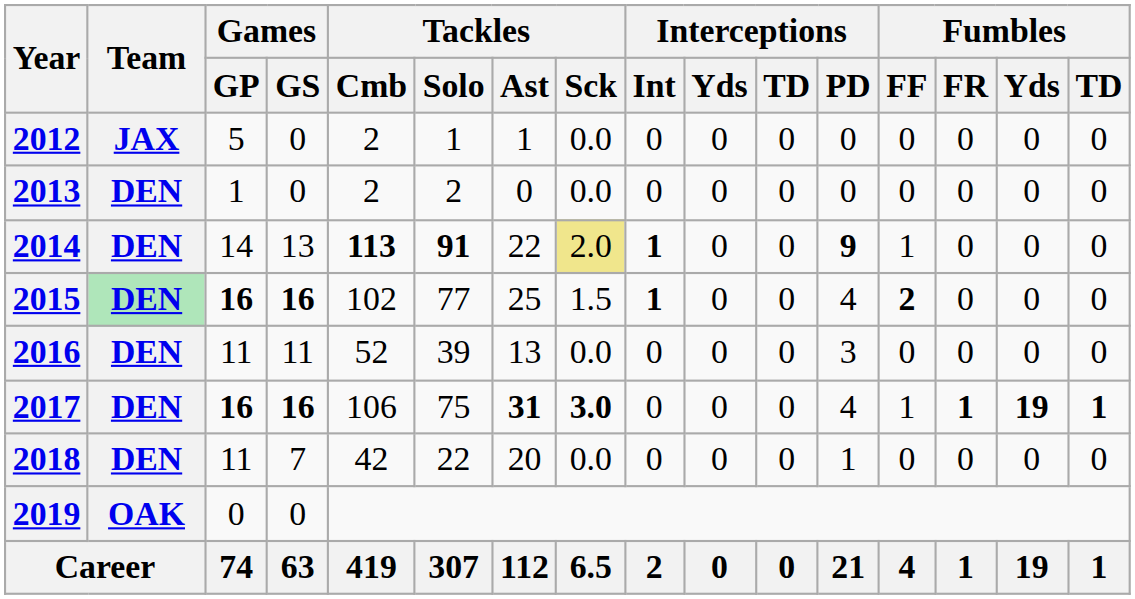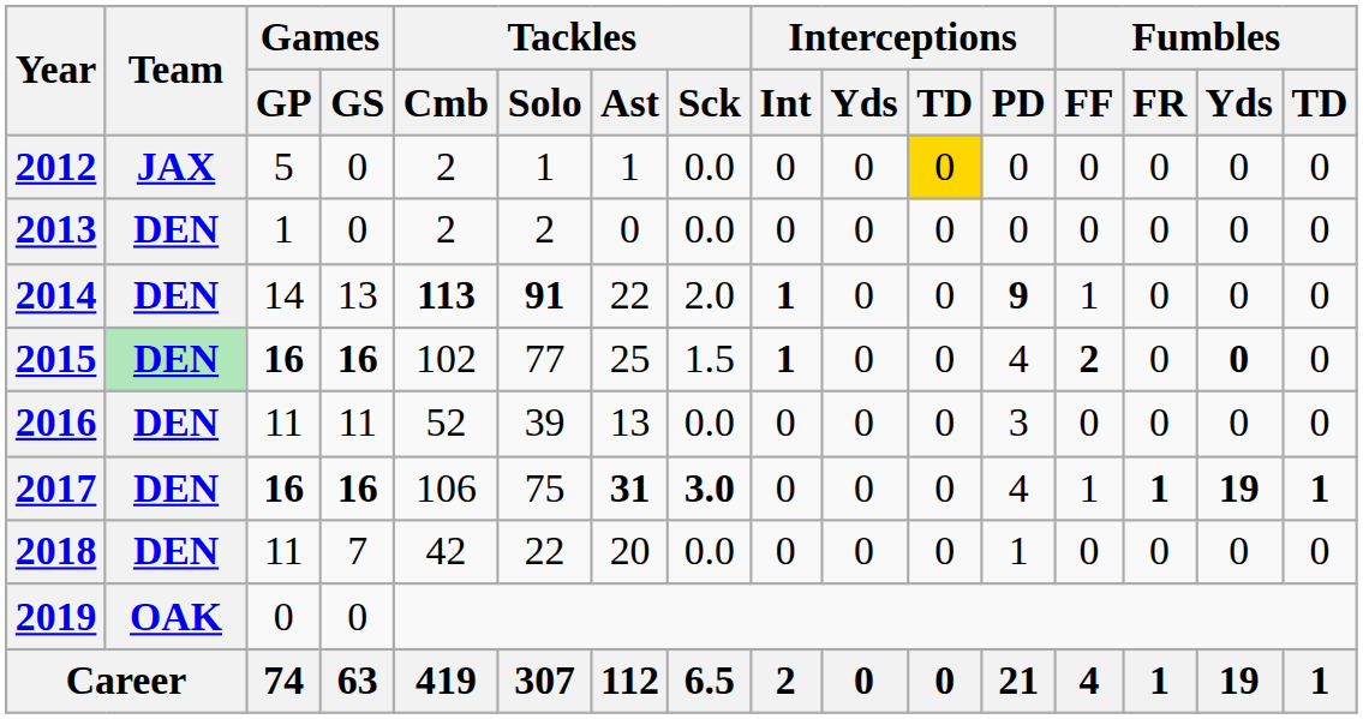 <table class= "wikitable" style="text-align:center;">
 <tr>
 <th rowspan="2">Year</th>
 <th rowspan="2">Team</th>
 <th colspan="2">Games</th>
 <th colspan="4">Tackles</th>
 <th colspan="4">Interceptions</th>
 <th colspan="4">Fumbles</th>
 </tr>
 <tr>
 <th>GP</th>
 <th>GS</th>
 <th>Cmb</th>
 <th>Solo</th>
 <th>Ast</th>
 <th>Sck</th>
 <th>Int</th>
 <th>Yds</th>
 <th>TD</th>
 <th>PD</th>
 <th>FF</th>
 <th>FR</th>
 <th>Yds</th>
 <th>TD</th>
 </tr>
 <tr>
 <th><a href='#'>2012</a></th>
 <th><a href='#'>JAX</a></th>
 <td>5</td>
 <td>0</td>
 <td>2</td>
 <td>1</td>
 <td>1</td>
 <td>0.0</td>
 <td>0</td>
 <td>0</td>
-<td>0</td>
+<td style="background: gold;">0</td>
 <td>0</td>
 <td>0</td>
 <td>0</td>
 <td>0</td>
 <td>0</td>
 </tr>
 <tr>
 <th><a href='#'>2013</a></th>
 <th><a href='#'>DEN</a></th>
 <td>1</td>
 <td>0</td>
 <td>2</td>
 <td>2</td>
 <td>0</td>
 <td>0.0</td>
 <td>0</td>
 <td>0</td>
 <td>0</td>
 <td>0</td>
 <td>0</td>
 <td>0</td>
 <td>0</td>
 <td>0</td>
 </tr>
 <tr>
 <th><a href='#'>2014</a></th>
 <th><a href='#'>DEN</a></th>
 <td>14</td>
 <td>13</td>
 <td><strong>113</strong></td>
 <td><strong>91</strong></td>
 <td>22</td>
-<td style="background: khaki;">2.0</td>
+<td>2.0</td>
 <td><strong>1</strong></td>
 <td>0</td>
 <td>0</td>
 <td><strong>9</strong></td>
 <td>1</td>
 <td>0</td>
 <td>0</td>
 <td>0</td>
 </tr>
 <tr>
 <th><a href='#'>2015</a></th>
 <th style="background:#afe6ba; width:3em;"><a href='#'>DEN</a></th>
 <td><strong>16</strong></td>
 <td><strong>16</strong></td>
 <td>102</td>
 <td>77</td>
 <td>25</td>
 <td>1.5</td>
 <td><strong>1</strong></td>
 <td>0</td>
 <td>0</td>
 <td>4</td>
 <td><strong>2</strong></td>
 <td>0</td>
-<td>0</td>
+<td><strong>0</strong></td>
 <td>0</td>
 </tr>
 <tr>
 <th><a href='#'>2016</a></th>
 <th><a href='#'>DEN</a></th>
 <td>11</td>
 <td>11</td>
 <td>52</td>
 <td>39</td>
 <td>13</td>
 <td>0.0</td>
 <td>0</td>
 <td>0</td>
 <td>0</td>
 <td>3</td>
 <td>0</td>
 <td>0</td>
 <td>0</td>
 <td>0</td>
 </tr>
 <tr>
 <th><a href='#'>2017</a></th>
 <th><a href='#'>DEN</a></th>
 <td><strong>16</strong></td>
 <td><strong>16</strong></td>
 <td>106</td>
 <td>75</td>
 <td><strong>31</strong></td>
 <td><strong>3.0</strong></td>
 <td>0</td>
 <td>0</td>
 <td>0</td>
 <td>4</td>
 <td>1</td>
 <td><strong>1</strong></td>
 <td><strong>19</strong></td>
 <td><strong>1</strong></td>
 </tr>
 <tr>
 <th><a href='#'>2018</a></th>
 <th><a href='#'>DEN</a></th>
 <td>11</td>
 <td>7</td>
 <td>42</td>
 <td>22</td>
 <td>20</td>
 <td>0.0</td>
 <td>0</td>
 <td>0</td>
 <td>0</td>
 <td>1</td>
 <td>0</td>
 <td>0</td>
 <td>0</td>
 <td>0</td>
 </tr>
 <tr>
 <th><a href='#'>2019</a></th>
 <th><a href='#'>OAK</a></th>
 <td>0</td>
 <td>0</td>
 <td colspan="16"></td>
 </tr>
 <tr>
 <th colspan="2">Career</th>
 <th>74</th>
 <th>63</th>
 <th>419</th>
 <th>307</th>
 <th>112</th>
 <th>6.5</th>
 <th>2</th>
 <th>0</th>
 <th>0</th>
 <th>21</th>
 <th>4</th>
 <th>1</th>
 <th>19</th>
 <th>1</th>
 </tr>
 </table>
